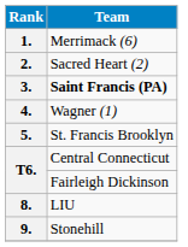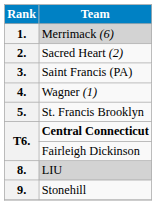 <table class="wikitable">
 <tr>
 <th align="center" style="background:#0081C4; color:#FFFFFF;">Rank</th>
 <th align="center" style="background:#0081C4; color:#FFFFFF;">Team</th>
 </tr>
 <tr>
 <th>1.</th>
-<td>Merrimack <em>(6)</em></td>
+<td style="background: lightgrey;">Merrimack <em>(6)</em></td>
 </tr>
 <tr>
 <th>2.</th>
 <td>Sacred Heart <em>(2)</em></td>
 </tr>
 <tr>
 <th>3.</th>
-<td><strong>Saint Francis (PA)</strong></td>
+<td>Saint Francis (PA)</td>
 </tr>
 <tr>
 <th>4.</th>
 <td>Wagner <em>(1)</em></td>
 </tr>
 <tr>
 <th>5.</th>
 <td>St. Francis Brooklyn</td>
 </tr>
 <tr>
 <th rowspan=2>T6.</th>
-<td>Central Connecticut</td>
+<td><strong>Central Connecticut</strong></td>
 </tr>
 <tr>
 <td>Fairleigh Dickinson</td>
 </tr>
 <tr>
 <th>8.</th>
-<td>LIU</td>
+<td style="background: lightgrey;">LIU</td>
 </tr>
 <tr>
 <th>9.</th>
 <td>Stonehill</td>
 </tr>
 <tr>
 </tr>
 </table>
